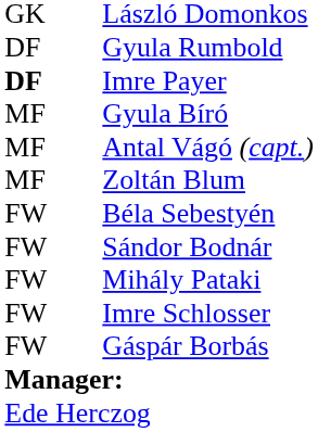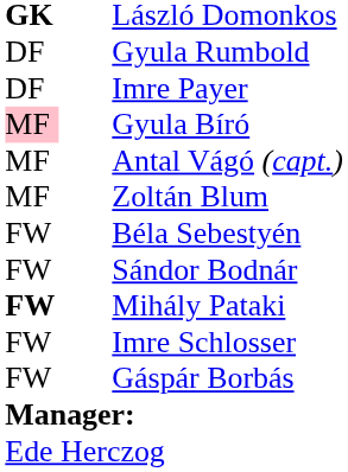 <table style="font-size:90%; margin:0.2em auto;" cellspacing="0" cellpadding="0">
 <tr>
 <th width="25"></th>
 <th width="25"></th>
 </tr>
 <tr>
-<td>GK</td>
+<td><strong>GK</strong></td>
 <td></td>
 <td><a href='#'>László Domonkos</a></td>
 </tr>
 <tr>
 <td>DF</td>
 <td></td>
 <td><a href='#'>Gyula Rumbold</a></td>
 </tr>
 <tr>
-<td><strong>DF</strong></td>
+<td>DF</td>
 <td></td>
 <td><a href='#'>Imre Payer</a></td>
 </tr>
 <tr>
-<td>MF</td>
+<td style="background: pink;">MF</td>
 <td></td>
 <td><a href='#'>Gyula Bíró</a></td>
 </tr>
 <tr>
 <td>MF</td>
 <td></td>
 <td><a href='#'>Antal Vágó</a> <em>(<a href='#'>capt.</a>)</em></td>
 </tr>
 <tr>
 <td>MF</td>
 <td></td>
 <td><a href='#'>Zoltán Blum</a></td>
 </tr>
 <tr>
 <td>FW</td>
 <td></td>
 <td><a href='#'>Béla Sebestyén</a></td>
 </tr>
 <tr>
 <td>FW</td>
 <td></td>
 <td><a href='#'>Sándor Bodnár</a></td>
 </tr>
 <tr>
-<td>FW</td>
+<td><strong>FW</strong></td>
 <td></td>
 <td><a href='#'>Mihály Pataki</a></td>
 </tr>
 <tr>
 <td>FW</td>
 <td></td>
 <td><a href='#'>Imre Schlosser</a></td>
 </tr>
 <tr>
 <td>FW</td>
 <td></td>
 <td><a href='#'>Gáspár Borbás</a></td>
 </tr>
 <tr>
 <td colspan=3><strong>Manager:</strong></td>
 </tr>
 <tr>
 <td colspan=4> <a href='#'>Ede Herczog</a></td>
 </tr>
 </table>
